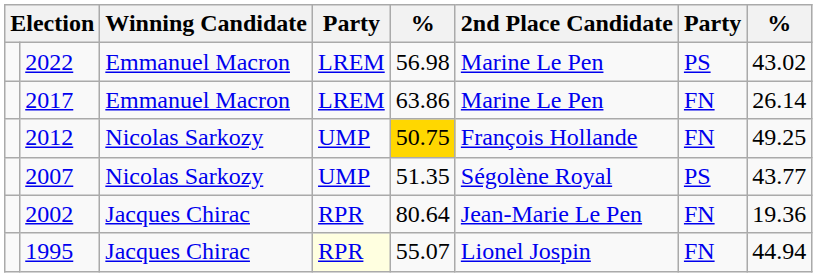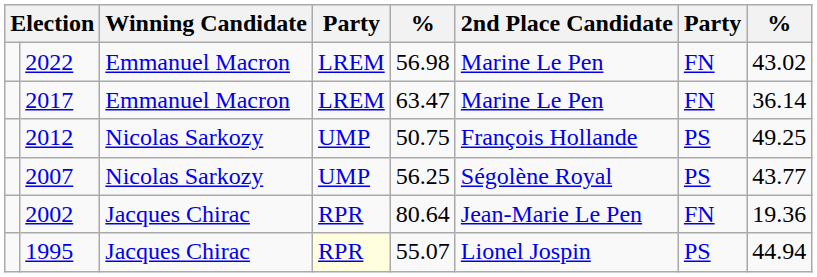 <table class="wikitable">
 <tr>
 <th colspan="2">Election</th>
 <th>Winning Candidate</th>
 <th>Party</th>
 <th>%</th>
 <th>2nd Place Candidate</th>
 <th>Party</th>
 <th>%</th>
 </tr>
 <tr>
 <td style="background-color: "></td>
 <td><a href='#'>2022</a></td>
 <td><a href='#'>Emmanuel Macron</a></td>
 <td><a href='#'>LREM</a></td>
 <td>56.98</td>
 <td><a href='#'>Marine Le Pen</a></td>
-<td><a href='#'>PS</a></td>
+<td><a href='#'>FN</a></td>
 <td>43.02</td>
 </tr>
 <tr>
 <td style="background-color: "></td>
 <td><a href='#'>2017</a></td>
 <td><a href='#'>Emmanuel Macron</a></td>
 <td><a href='#'>LREM</a></td>
-<td>63.86</td>
+<td>63.47</td>
 <td><a href='#'>Marine Le Pen</a></td>
 <td><a href='#'>FN</a></td>
-<td>26.14</td>
+<td>36.14</td>
 </tr>
 <tr>
 <td style="background-color: "></td>
 <td><a href='#'>2012</a></td>
 <td><a href='#'>Nicolas Sarkozy</a></td>
 <td><a href='#'>UMP</a></td>
-<td style="background: gold;">50.75</td>
+<td>50.75</td>
 <td><a href='#'>François Hollande</a></td>
-<td><a href='#'>FN</a></td>
+<td><a href='#'>PS</a></td>
 <td>49.25</td>
 </tr>
 <tr>
 <td style="background-color: "></td>
 <td><a href='#'>2007</a></td>
 <td><a href='#'>Nicolas Sarkozy</a></td>
 <td><a href='#'>UMP</a></td>
-<td>51.35</td>
+<td>56.25</td>
 <td><a href='#'>Ségolène Royal</a></td>
 <td><a href='#'>PS</a></td>
 <td>43.77</td>
 </tr>
 <tr>
 <td style="background-color: "></td>
 <td><a href='#'>2002</a></td>
 <td><a href='#'>Jacques Chirac</a></td>
 <td><a href='#'>RPR</a></td>
 <td>80.64</td>
 <td><a href='#'>Jean-Marie Le Pen</a></td>
 <td><a href='#'>FN</a></td>
 <td>19.36</td>
 </tr>
 <tr>
 <td style="background-color: "></td>
 <td><a href='#'>1995</a></td>
 <td><a href='#'>Jacques Chirac</a></td>
 <td style="background: lightyellow;"><a href='#'>RPR</a></td>
 <td>55.07</td>
 <td><a href='#'>Lionel Jospin</a></td>
-<td><a href='#'>FN</a></td>
+<td><a href='#'>PS</a></td>
 <td>44.94</td>
 </tr>
 </table>
